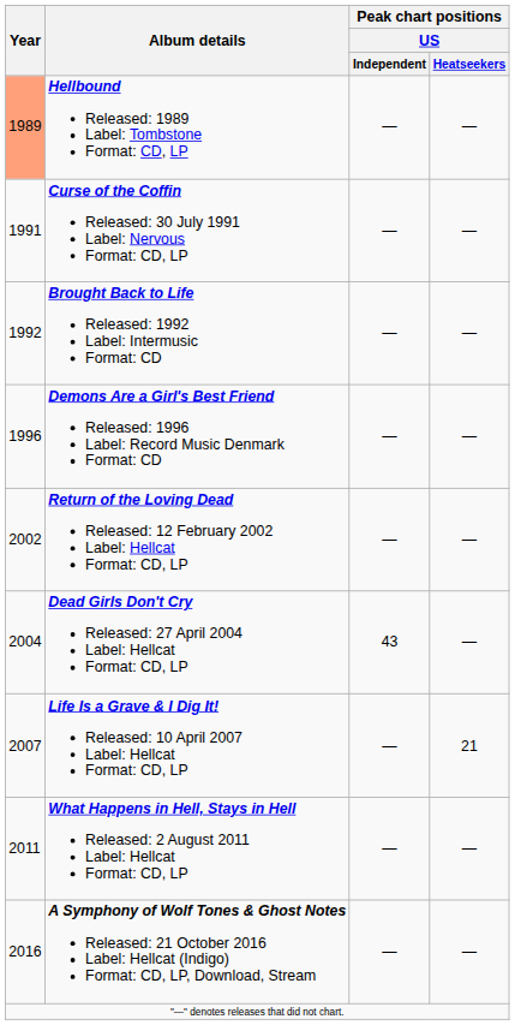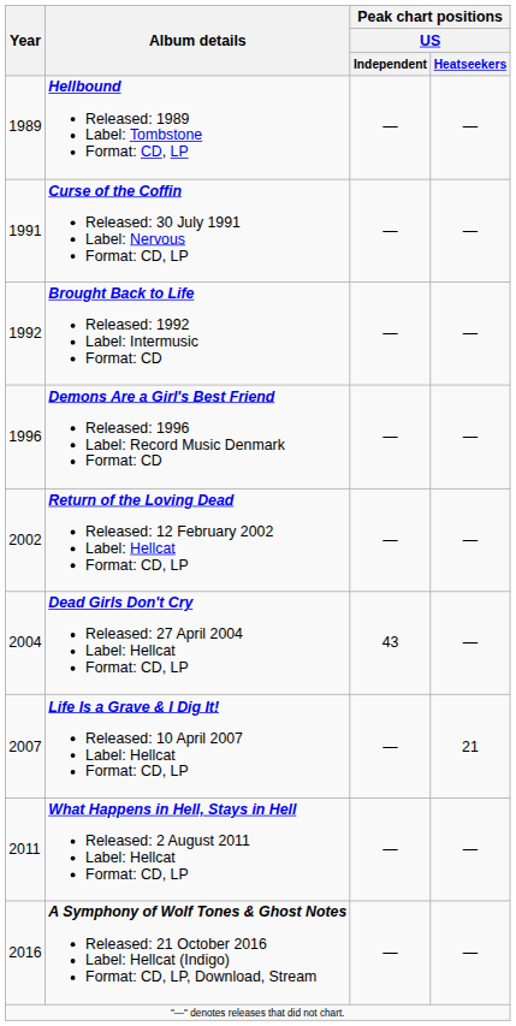 <table class ="wikitable">
 <tr>
 <th rowspan="3">Year</th>
 <th rowspan="3">Album details</th>
 <th colspan="2">Peak chart positions</th>
 </tr>
 <tr>
 <th colspan="2" align="center"><a href='#'>US</a></th>
 </tr>
 <tr>
 <th><small>Independent</small><br></th>
 <th><small><a href='#'>Heatseekers</a></small><br></th>
 </tr>
 <tr>
-<td style="background: lightsalmon;">1989</td>
+<td>1989</td>
 <td><strong><em><a href='#'>Hellbound</a></em></strong><br><ul><li>Released: 1989</li><li>Label: <a href='#'>Tombstone</a></li><li>Format: <a href='#'>CD</a>, <a href='#'>LP</a></li></ul></td>
 <td align="center"> —</td>
 <td align="center"> —</td>
 </tr>
 <tr>
 <td>1991</td>
 <td><strong><em><a href='#'>Curse of the Coffin</a></em></strong><br><ul><li>Released: 30 July 1991</li><li>Label: <a href='#'>Nervous</a></li><li>Format: CD, LP</li></ul></td>
 <td align="center"> —</td>
 <td align="center"> —</td>
 </tr>
 <tr>
 <td>1992</td>
 <td><strong><em><a href='#'>Brought Back to Life</a></em></strong><br><ul><li>Released: 1992</li><li>Label: Intermusic</li><li>Format: CD</li></ul></td>
 <td align="center"> —</td>
 <td align="center"> —</td>
 </tr>
 <tr>
 <td>1996</td>
 <td><strong><em><a href='#'>Demons Are a Girl's Best Friend</a></em></strong><br><ul><li>Released: 1996</li><li>Label: Record Music Denmark</li><li>Format: CD</li></ul></td>
 <td align="center"> —</td>
 <td align="center"> —</td>
 </tr>
 <tr>
 <td>2002</td>
 <td><strong><em><a href='#'>Return of the Loving Dead</a></em></strong><br><ul><li>Released: 12 February 2002</li><li>Label: <a href='#'>Hellcat</a></li><li>Format: CD, LP</li></ul></td>
 <td align="center"> —</td>
 <td align="center"> —</td>
 </tr>
 <tr>
 <td>2004</td>
 <td><strong><em><a href='#'>Dead Girls Don't Cry</a></em></strong><br><ul><li>Released: 27 April 2004</li><li>Label: Hellcat</li><li>Format: CD, LP</li></ul></td>
 <td align="center"> 43</td>
 <td align="center"> —</td>
 </tr>
 <tr>
 <td>2007</td>
 <td><strong><em><a href='#'>Life Is a Grave & I Dig It!</a></em></strong><br><ul><li>Released: 10 April 2007</li><li>Label: Hellcat</li><li>Format: CD, LP</li></ul></td>
 <td align="center"> —</td>
 <td align="center"> 21</td>
 </tr>
 <tr>
 <td>2011</td>
 <td><strong><em><a href='#'>What Happens in Hell, Stays in Hell</a></em></strong><br><ul><li>Released: 2 August 2011</li><li>Label: Hellcat</li><li>Format: CD, LP</li></ul></td>
 <td align="center"> —</td>
 <td align="center"> —</td>
 </tr>
 <tr>
 <td>2016</td>
 <td><strong><em>A Symphony of Wolf Tones & Ghost Notes</em></strong><br><ul><li>Released: 21 October 2016</li><li>Label: Hellcat (Indigo)</li><li>Format: CD, LP, Download, Stream</li></ul></td>
 <td align="center"> —</td>
 <td align="center"> —</td>
 </tr>
 <tr>
 <td align="center" colspan="5" style="font-size: 8pt">"—" denotes releases that did not chart.</td>
 </tr>
 </table>
